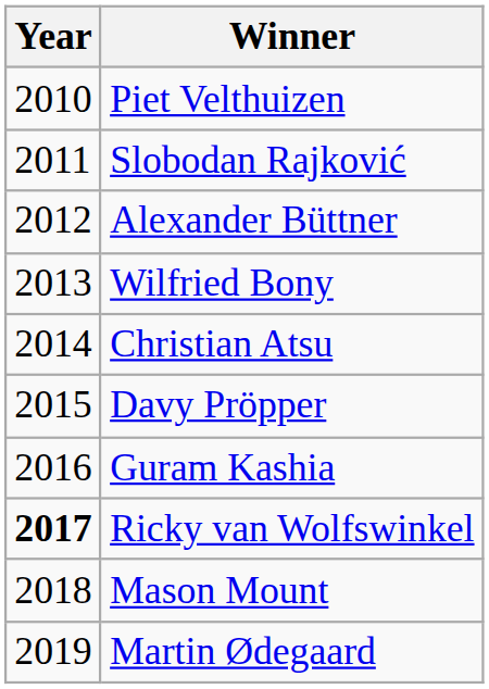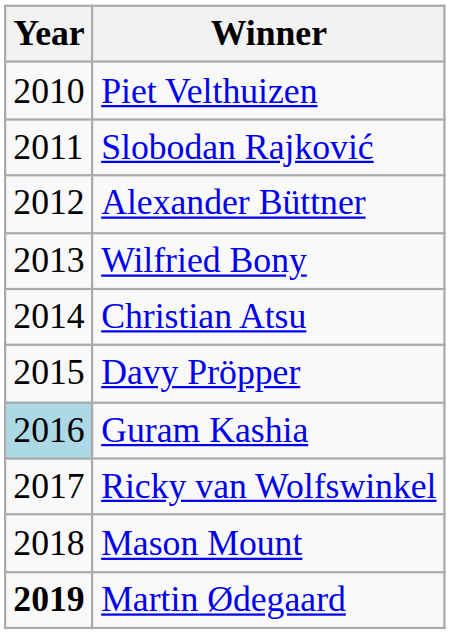 <table class="wikitable" style="display:inline-table">
 <tr>
 <th>Year</th>
 <th>Winner</th>
 </tr>
 <tr>
 <td>2010</td>
 <td> <a href='#'>Piet Velthuizen</a></td>
 </tr>
 <tr>
 <td>2011</td>
 <td> <a href='#'>Slobodan Rajković</a></td>
 </tr>
 <tr>
 <td>2012</td>
 <td> <a href='#'>Alexander Büttner</a></td>
 </tr>
 <tr>
 <td>2013</td>
 <td> <a href='#'>Wilfried Bony</a></td>
 </tr>
 <tr>
 <td>2014</td>
 <td> <a href='#'>Christian Atsu</a></td>
 </tr>
 <tr>
 <td>2015</td>
 <td> <a href='#'>Davy Pröpper</a></td>
 </tr>
 <tr>
-<td>2016</td>
+<td style="background: lightblue;">2016</td>
 <td> <a href='#'>Guram Kashia</a></td>
 </tr>
 <tr>
-<td><strong>2017</strong></td>
+<td>2017</td>
 <td> <a href='#'>Ricky van Wolfswinkel</a></td>
 </tr>
 <tr>
 <td>2018</td>
 <td> <a href='#'>Mason Mount</a></td>
 </tr>
 <tr>
-<td>2019</td>
+<td><strong>2019</strong></td>
 <td> <a href='#'>Martin Ødegaard</a></td>
 </tr>
 </table>
